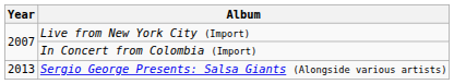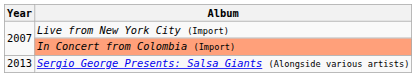 <table class="wikitable">
 <tr>
 <th>Year</th>
 <th>Album</th>
 </tr>
 <tr>
 <td rowspan="2">2007</td>
 <td><em>Live from New York City</em> <small>(Import)</small></td>
 </tr>
 <tr>
-<td><em>In Concert from Colombia</em> <small>(Import)</small></td>
+<td style="background: lightsalmon;"><em>In Concert from Colombia</em> <small>(Import)</small></td>
 </tr>
 <tr>
 <td>2013</td>
 <td><em><a href='#'>Sergio George Presents: Salsa Giants</a></em> <small>(Alongside various artists)</small></td>
 </tr>
 </table>
